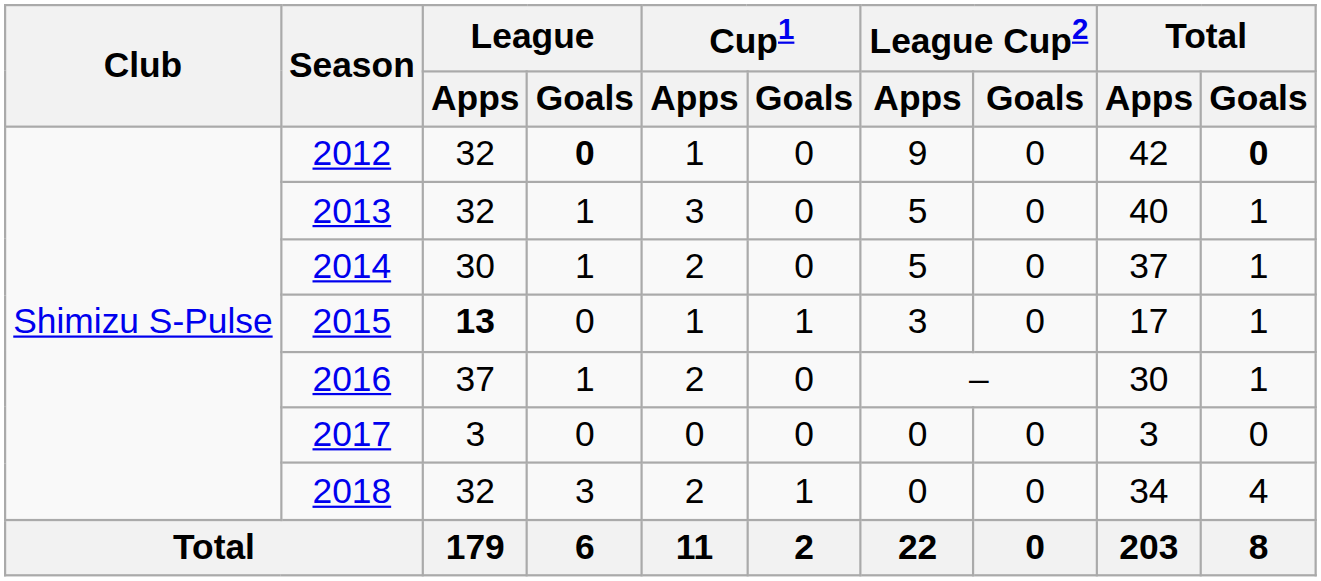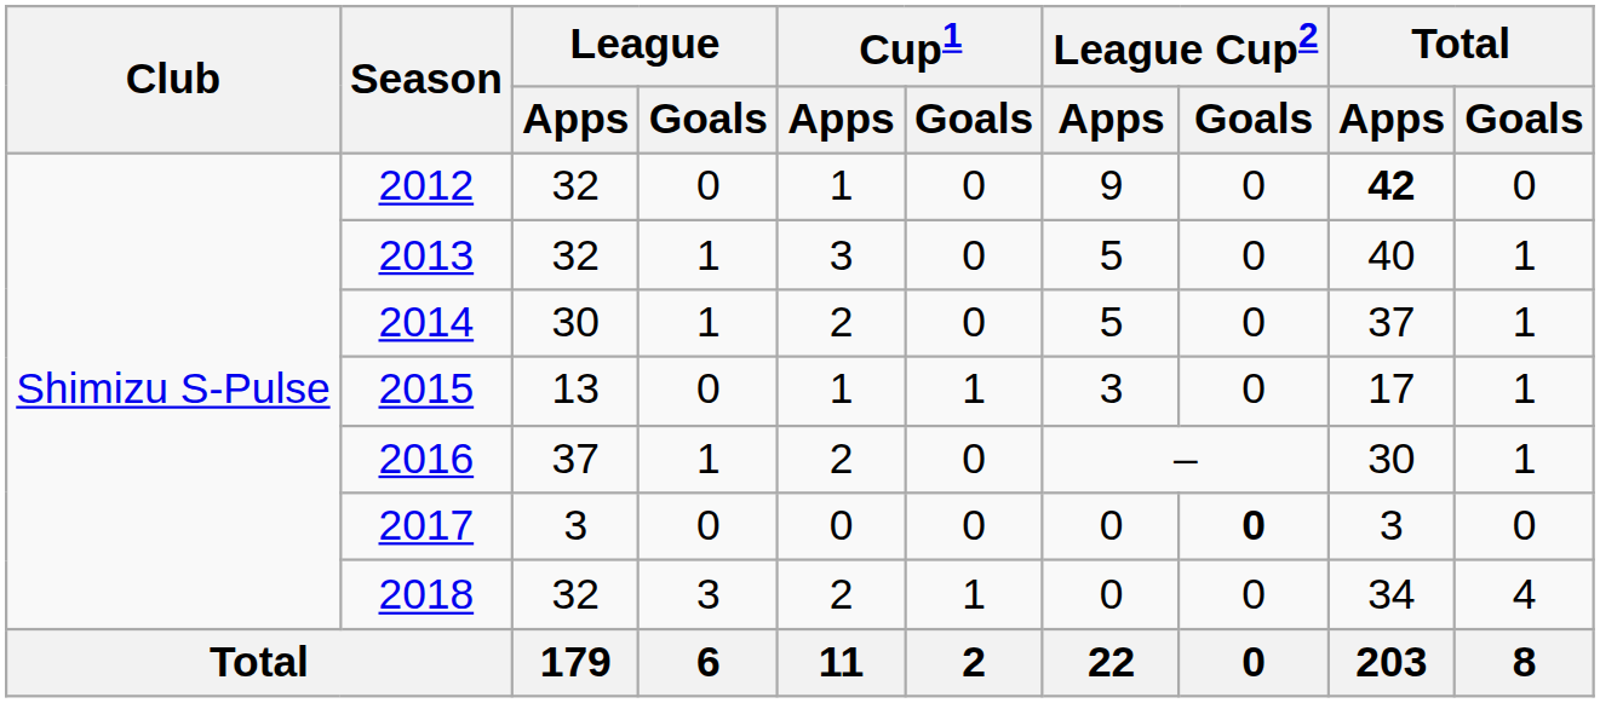 <table class="wikitable" style="text-align:center;">
 <tr>
 <th rowspan="2">Club</th>
 <th rowspan="2">Season</th>
 <th colspan="2">League</th>
 <th colspan="2">Cup<sup><a href='#'>1</a></sup></th>
 <th colspan="2">League Cup<sup><a href='#'>2</a></sup></th>
 <th colspan="2">Total</th>
 </tr>
 <tr>
 <th>Apps</th>
 <th>Goals</th>
 <th>Apps</th>
 <th>Goals</th>
 <th>Apps</th>
 <th>Goals</th>
 <th>Apps</th>
 <th>Goals</th>
 </tr>
 <tr>
 <td rowspan="7"><a href='#'>Shimizu S-Pulse</a></td>
 <td><a href='#'>2012</a></td>
 <td>32</td>
-<td><strong>0</strong></td>
+<td>0</td>
 <td>1</td>
 <td>0</td>
 <td>9</td>
 <td>0</td>
-<td>42</td>
-<td><strong>0</strong></td>
+<td><strong>42</strong></td>
+<td>0</td>
 </tr>
 <tr>
 <td><a href='#'>2013</a></td>
 <td>32</td>
 <td>1</td>
 <td>3</td>
 <td>0</td>
 <td>5</td>
 <td>0</td>
 <td>40</td>
 <td>1</td>
 </tr>
 <tr>
 <td><a href='#'>2014</a></td>
 <td>30</td>
 <td>1</td>
 <td>2</td>
 <td>0</td>
 <td>5</td>
 <td>0</td>
 <td>37</td>
 <td>1</td>
 </tr>
 <tr>
 <td><a href='#'>2015</a></td>
-<td><strong>13</strong></td>
+<td>13</td>
 <td>0</td>
 <td>1</td>
 <td>1</td>
 <td>3</td>
 <td>0</td>
 <td>17</td>
 <td>1</td>
 </tr>
 <tr>
 <td><a href='#'>2016</a></td>
 <td>37</td>
 <td>1</td>
 <td>2</td>
 <td>0</td>
 <td colspan="2">–</td>
 <td>30</td>
 <td>1</td>
 </tr>
 <tr>
 <td><a href='#'>2017</a></td>
 <td>3</td>
 <td>0</td>
 <td>0</td>
 <td>0</td>
 <td>0</td>
-<td>0</td>
+<td><strong>0</strong></td>
 <td>3</td>
 <td>0</td>
 </tr>
 <tr>
 <td><a href='#'>2018</a></td>
 <td>32</td>
 <td>3</td>
 <td>2</td>
 <td>1</td>
 <td>0</td>
 <td>0</td>
 <td>34</td>
 <td>4</td>
 </tr>
 <tr>
 <th colspan="2">Total</th>
 <th>179</th>
 <th>6</th>
 <th>11</th>
 <th>2</th>
 <th>22</th>
 <th>0</th>
 <th>203</th>
 <th>8</th>
 </tr>
 </table>
